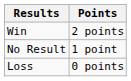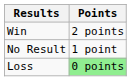 <table class="wikitable">
 <tr>
 <th colspan="1">Results</th>
 <th colspan="1">Points</th>
 </tr>
 <tr>
 <td>Win</td>
 <td>2 points</td>
 </tr>
 <tr>
 <td>No Result</td>
 <td>1 point</td>
 </tr>
 <tr>
 <td>Loss</td>
-<td>0 points</td>
+<td style="background: lightgreen;">0 points</td>
 </tr>
 </table>
